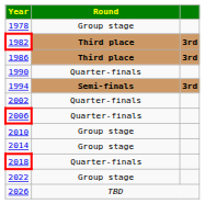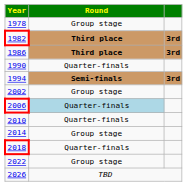 <table class="wikitable" style="text-align: center; font-size:90%">
 <tr style="color:yellow;">
 <th style="background:green;">Year</th>
 <th style="background:green; width:200px">Round</th>
 <th style="background:green;"></th>
 </tr>
 <tr>
 <td><a href='#'>1978</a></td>
 <td>Group stage</td>
 <td></td>
 </tr>
 <tr>
 <td style="border: 3px solid red"><a href='#'>1982</a></td>
 <td bgcolor="cc9966"><strong>Third place</strong></td>
 <td bgcolor="cc9966"><strong>3rd</strong></td>
 </tr>
 <tr>
 <td><a href='#'>1986</a></td>
 <td bgcolor="cc9966"><strong>Third place</strong></td>
 <td bgcolor="cc9966"><strong>3rd</strong></td>
 </tr>
 <tr>
 <td><a href='#'>1990</a></td>
 <td>Quarter-finals</td>
 <td></td>
 </tr>
 <tr>
 <td><a href='#'>1994</a></td>
 <td bgcolor="cc9966"><strong>Semi-finals</strong></td>
 <td bgcolor="cc9966"><strong>3rd</strong></td>
 </tr>
 <tr>
 <td><a href='#'>2002</a></td>
-<td>Quarter-finals</td>
+<td>Group stage</td>
 <td></td>
 </tr>
 <tr>
 <td style="border: 3px solid red"><a href='#'>2006</a></td>
-<td>Quarter-finals</td>
+<td style="background: lightblue;">Quarter-finals</td>
 <td></td>
 </tr>
 <tr>
 <td><a href='#'>2010</a></td>
-<td>Group stage</td>
+<td>Quarter-finals</td>
 <td></td>
 </tr>
 <tr>
 <td><a href='#'>2014</a></td>
 <td>Group stage</td>
 <td></td>
 </tr>
 <tr>
 <td style="border: 3px solid red"><a href='#'>2018</a></td>
 <td>Quarter-finals</td>
 <td></td>
 </tr>
 <tr>
 <td><a href='#'>2022</a></td>
 <td>Group stage</td>
 <td></td>
 </tr>
 <tr>
 <td><a href='#'>2026</a></td>
 <td colspan="2"><em>TBD</em></td>
 </tr>
 </table>
